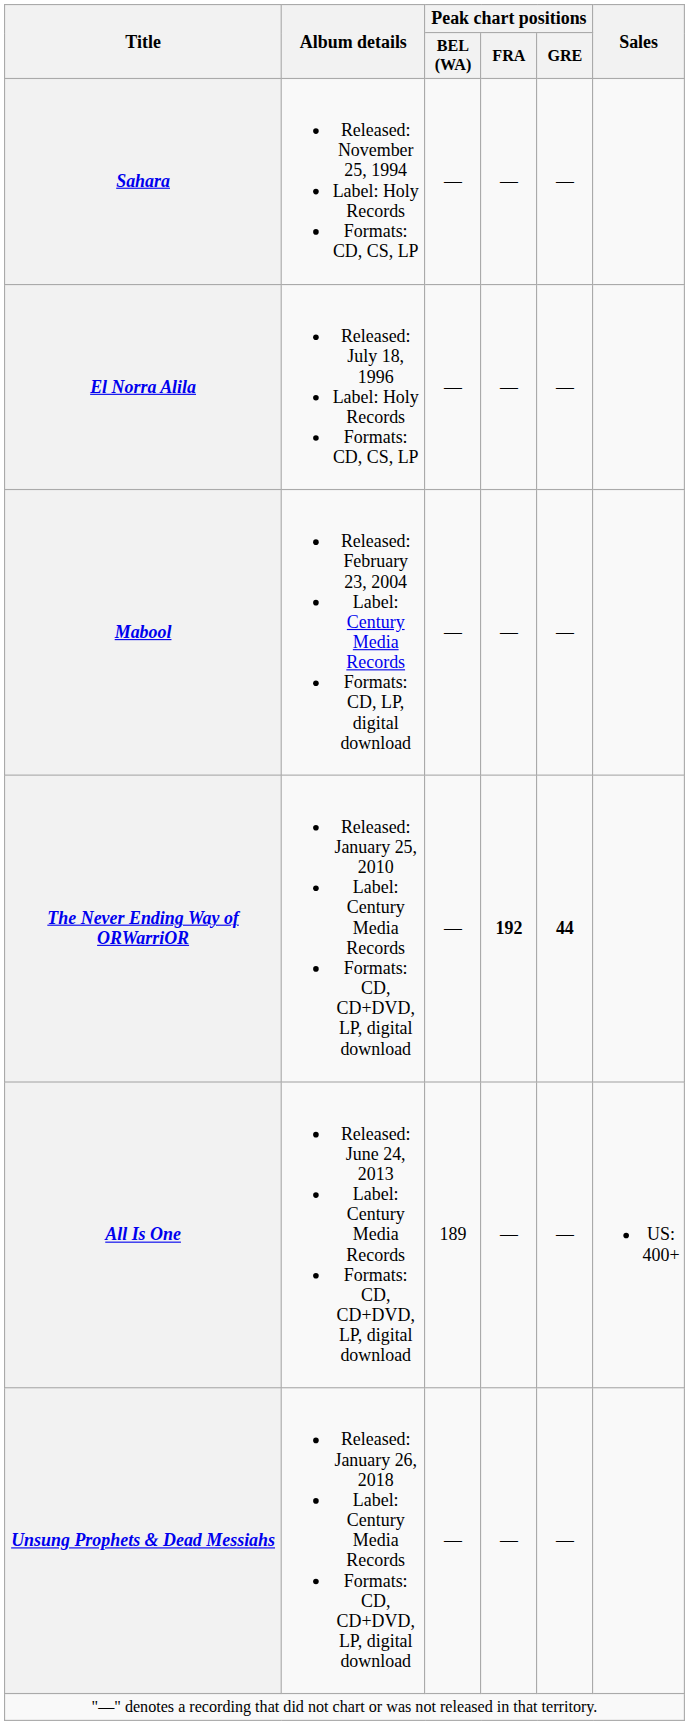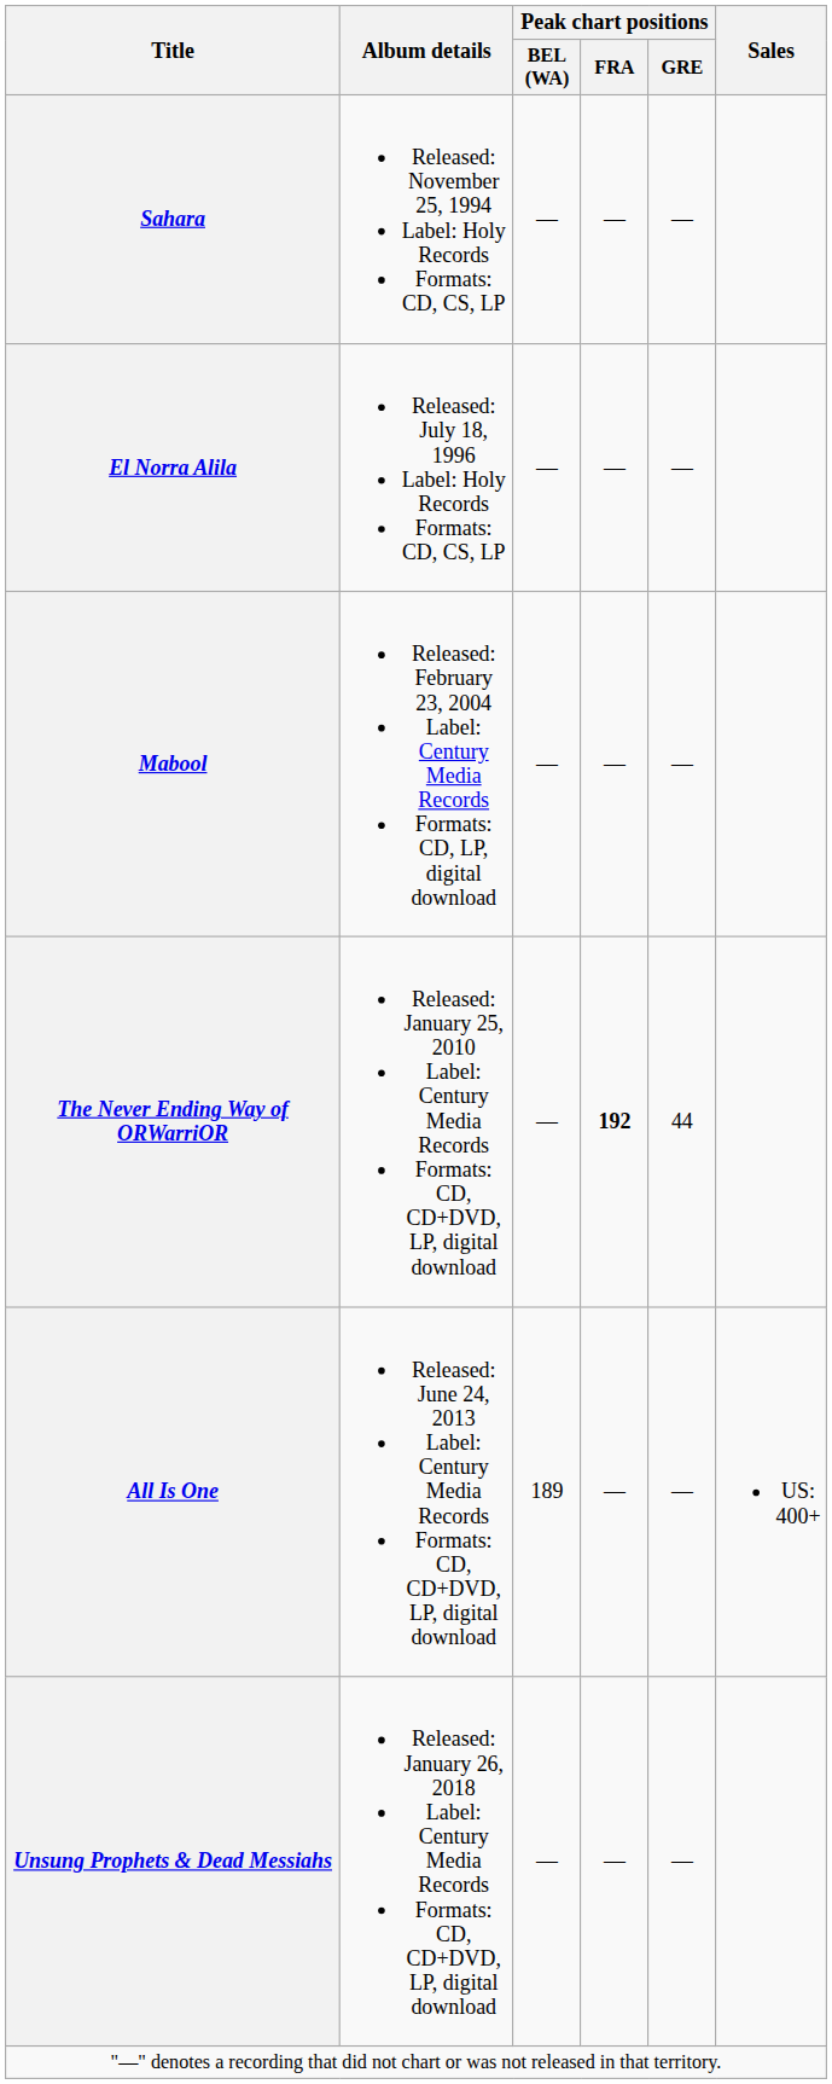 <table class="wikitable plainrowheaders" style="text-align:center;">
 <tr>
 <th scope="col" rowspan="2" style="width:15em;">Title</th>
 <th scope="col" rowspan="2">Album details</th>
 <th scope="col" colspan="3">Peak chart positions</th>
 <th scope="col" rowspan="2">Sales</th>
 </tr>
 <tr>
 <th scope="col" style="width:3em;font-size:90%;">BEL (WA)<br></th>
 <th scope="col" style="width:3em;font-size:90%;">FRA<br></th>
 <th scope="col" style="width:3em;font-size:90%;">GRE<br></th>
 </tr>
 <tr>
 <th scope="row"><em><a href='#'>Sahara</a></em></th>
 <td><br><ul><li>Released: November 25, 1994</li><li>Label: Holy Records</li><li>Formats: CD, CS, LP</li></ul></td>
 <td>—</td>
 <td>—</td>
 <td>—</td>
 <td></td>
 </tr>
 <tr>
 <th scope="row"><em><a href='#'>El Norra Alila</a></em></th>
 <td><br><ul><li>Released: July 18, 1996</li><li>Label: Holy Records</li><li>Formats: CD, CS, LP</li></ul></td>
 <td>—</td>
 <td>—</td>
 <td>—</td>
 <td></td>
 </tr>
 <tr>
 <th scope="row"><em><a href='#'>Mabool</a></em></th>
 <td><br><ul><li>Released: February 23, 2004</li><li>Label: <a href='#'>Century Media Records</a></li><li>Formats: CD, LP, digital download</li></ul></td>
 <td>—</td>
 <td>—</td>
 <td>—</td>
 <td></td>
 </tr>
 <tr>
 <th scope="row"><em><a href='#'>The Never Ending Way of ORWarriOR</a></em></th>
 <td><br><ul><li>Released: January 25, 2010</li><li>Label: Century Media Records</li><li>Formats: CD, CD+DVD, LP, digital download</li></ul></td>
 <td>—</td>
 <td><strong>192</strong></td>
-<td><strong>44</strong></td>
+<td>44</td>
 <td></td>
 </tr>
 <tr>
 <th scope="row"><em><a href='#'>All Is One</a></em></th>
 <td><br><ul><li>Released: June 24, 2013</li><li>Label: Century Media Records</li><li>Formats: CD, CD+DVD, LP, digital download</li></ul></td>
 <td>189</td>
 <td>—</td>
 <td>—</td>
 <td><br><ul><li>US: 400+</li></ul></td>
 </tr>
 <tr>
 <th scope="row"><em><a href='#'>Unsung Prophets & Dead Messiahs</a></em></th>
 <td><br><ul><li>Released: January 26, 2018</li><li>Label: Century Media Records</li><li>Formats: CD, CD+DVD, LP, digital download</li></ul></td>
 <td>—</td>
 <td>—</td>
 <td>—</td>
 <td></td>
 </tr>
 <tr>
 <td colspan="10" style="font-size:90%">"—" denotes a recording that did not chart or was not released in that territory.</td>
 </tr>
 </table>
